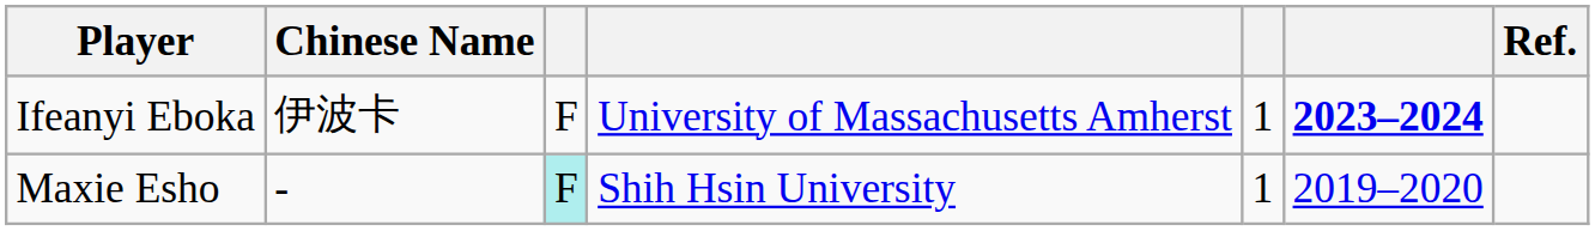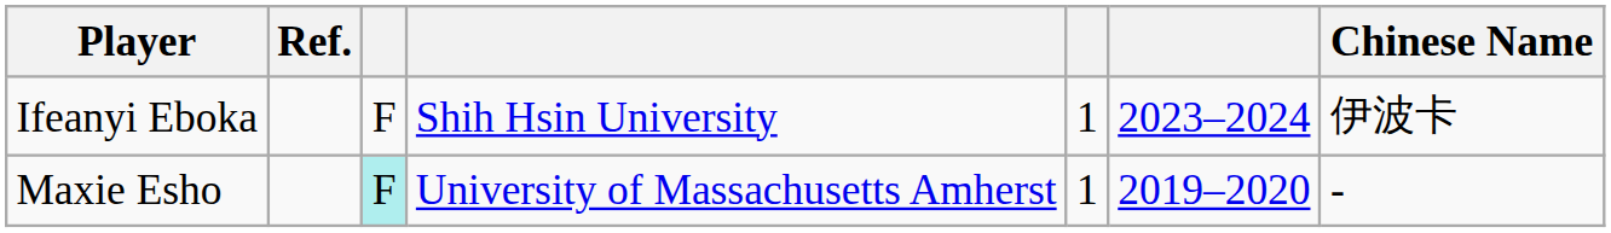 <table class="wikitable sortable" style="font-size:95%; text-align:left;">
 <tr>
 <th>Player</th>
-<th>Chinese Name</th>
+<th>Ref.</th>
 <th></th>
 <th></th>
 <th></th>
 <th></th>
-<th>Ref.</th>
+<th>Chinese Name</th>
 </tr>
 <tr>
 <td>Ifeanyi Eboka</td>
+<td></td>
+<td align="center">F</td>
+<td><a href='#'>Shih Hsin University</a></td>
+<td align="center">1</td>
+<td><a href='#'>2023–2024</a></td>
 <td>伊波卡</td>
-<td align="center">F</td>
-<td><a href='#'>University of Massachusetts Amherst</a></td>
-<td align="center">1</td>
-<td><strong><a href='#'>2023–2024</a></strong></td>
-<td></td>
 </tr>
 <tr>
 <td>Maxie Esho</td>
-<td>-</td>
+<td></td>
 <td align="center" style="background: paleturquoise;">F</td>
-<td><a href='#'>Shih Hsin University</a></td>
+<td><a href='#'>University of Massachusetts Amherst</a></td>
 <td align="center">1</td>
 <td align="center"><a href='#'>2019–2020</a></td>
-<td></td>
+<td>-</td>
 </tr>
 </table>
